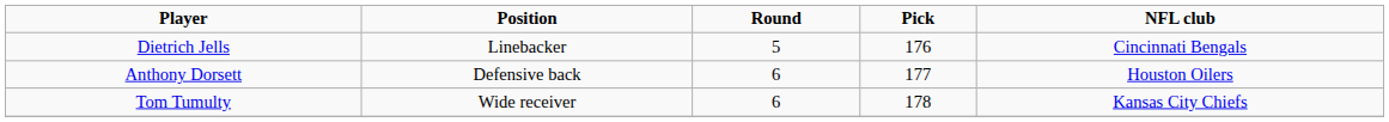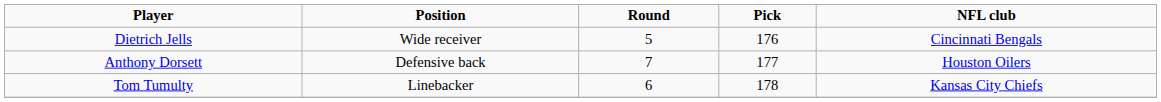 <table class="wikitable" style="width:80%;">
 <tr style="text-align:center; ">
 <td><strong>Player</strong></td>
 <td><strong>Position</strong></td>
 <td><strong>Round</strong></td>
 <td><strong>Pick</strong></td>
 <td><strong>NFL club</strong></td>
 </tr>
 <tr align="center" bgcolor="">
 <td><a href='#'>Dietrich Jells</a></td>
-<td>Linebacker</td>
+<td>Wide receiver</td>
 <td>5</td>
 <td>176</td>
 <td><a href='#'>Cincinnati Bengals</a></td>
 </tr>
 <tr align="center" bgcolor="">
 <td><a href='#'>Anthony Dorsett</a></td>
 <td>Defensive back</td>
-<td>6</td>
+<td>7</td>
 <td>177</td>
 <td><a href='#'>Houston Oilers</a></td>
 </tr>
 <tr align="center" bgcolor="">
 <td><a href='#'>Tom Tumulty</a></td>
-<td>Wide receiver</td>
+<td>Linebacker</td>
 <td>6</td>
 <td>178</td>
 <td><a href='#'>Kansas City Chiefs</a></td>
 </tr>
 <tr align="center" bgcolor="">
 </tr>
 </table>
